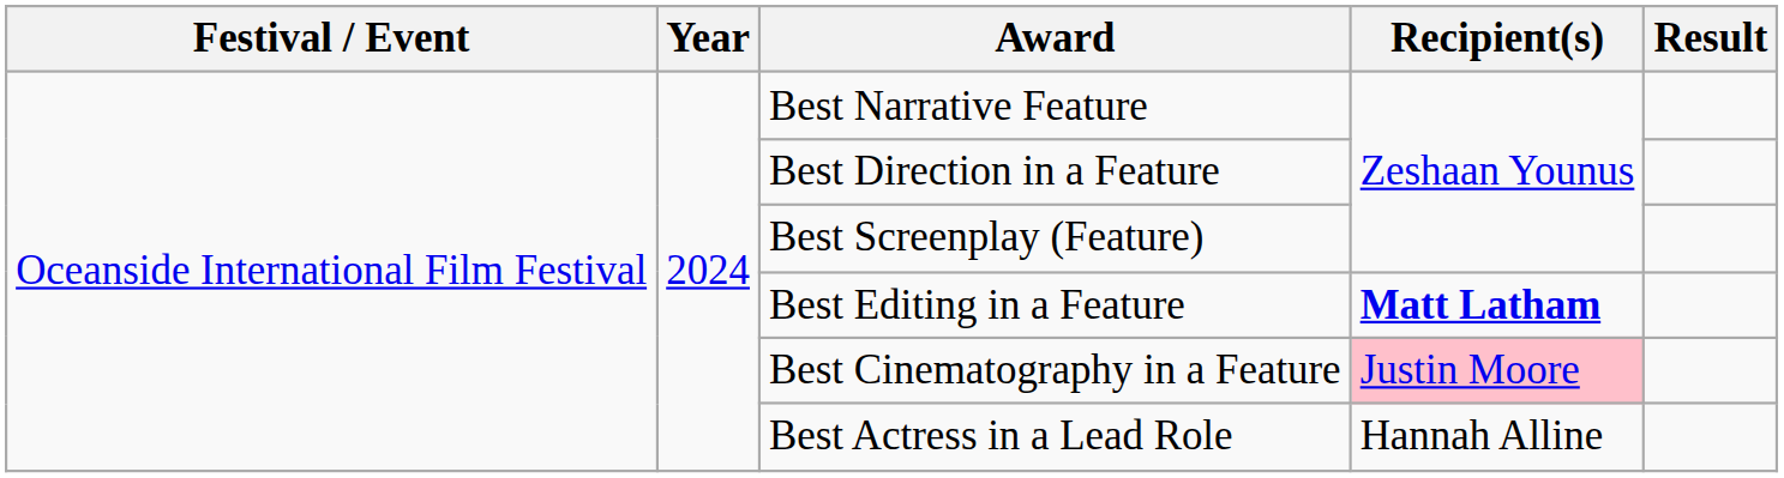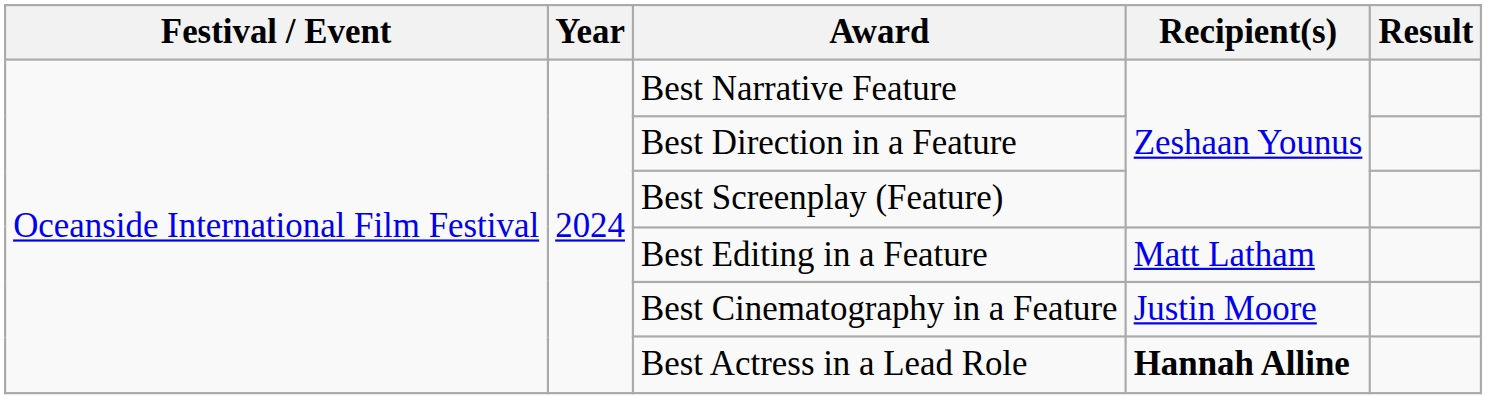 <table class="wikitable">
 <tr>
 <th>Festival / Event</th>
 <th>Year</th>
 <th>Award</th>
 <th>Recipient(s)</th>
 <th>Result</th>
 </tr>
 <tr>
 <td rowspan="6"><a href='#'>Oceanside International Film Festival</a></td>
 <td rowspan="6"><a href='#'>2024</a></td>
 <td>Best Narrative Feature</td>
 <td rowspan="3"><a href='#'>Zeshaan Younus</a></td>
 <td></td>
 </tr>
 <tr>
 <td>Best Direction in a Feature</td>
 <td></td>
 </tr>
 <tr>
 <td>Best Screenplay (Feature)</td>
 <td></td>
 </tr>
 <tr>
 <td>Best Editing in a Feature</td>
-<td><strong><a href='#'>Matt Latham</a></strong></td>
+<td><a href='#'>Matt Latham</a></td>
 <td></td>
 </tr>
 <tr>
 <td>Best Cinematography in a Feature</td>
-<td style="background: pink;"><a href='#'>Justin Moore</a></td>
+<td><a href='#'>Justin Moore</a></td>
 <td></td>
 </tr>
 <tr>
 <td>Best Actress in a Lead Role</td>
-<td>Hannah Alline</td>
+<td><strong>Hannah Alline</strong></td>
 <td></td>
 </tr>
 </table>
